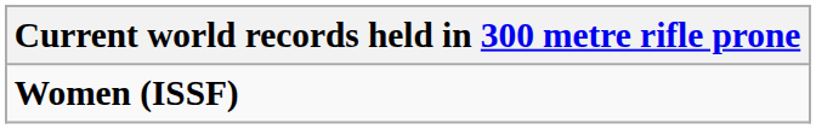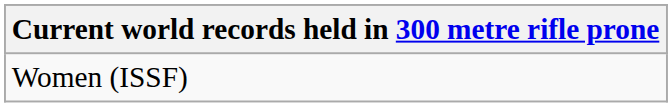 <table class="wikitable" style="font-size: 95%">
 <tr>
 <th colspan=7>Current world records held in <a href='#'>300 metre rifle prone</a></th>
 </tr>
 <tr>
-<td><strong>Women (ISSF)<br></strong></td>
+<td>Women (ISSF)<br></td>
 </tr>
 </table>
